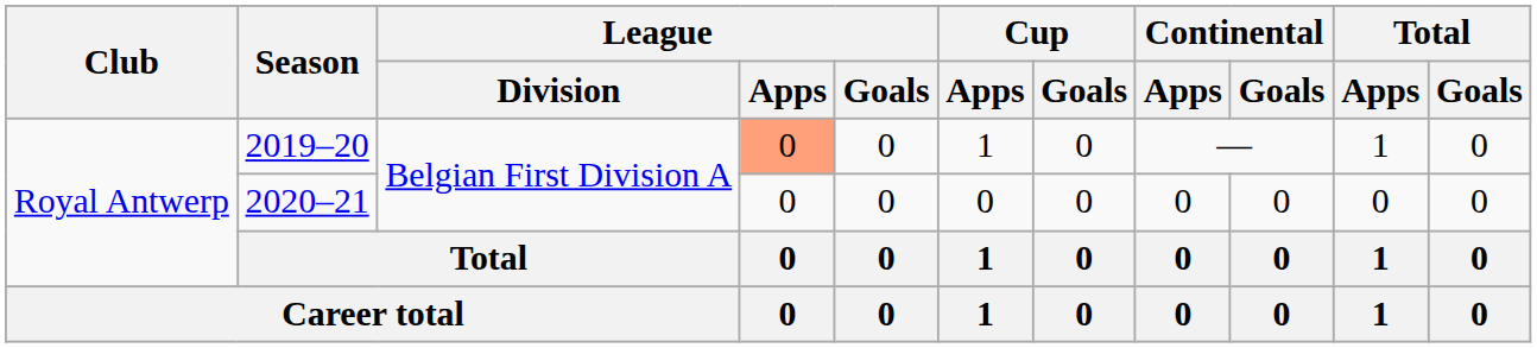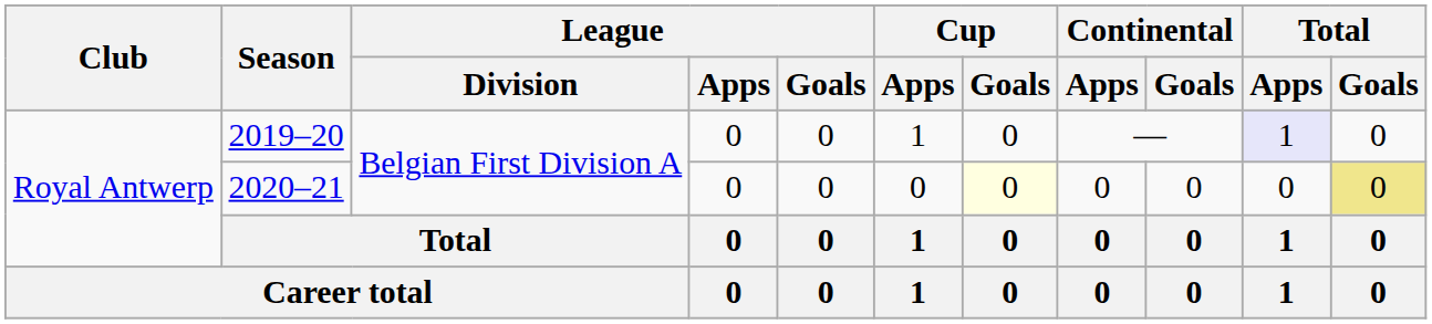 <table class="wikitable" Style="text-align: center">
 <tr>
 <th rowspan="2">Club</th>
 <th rowspan="2">Season</th>
 <th colspan="3">League</th>
 <th colspan="2">Cup</th>
 <th colspan="2">Continental</th>
 <th colspan="2">Total</th>
 </tr>
 <tr>
 <th>Division</th>
 <th>Apps</th>
 <th>Goals</th>
 <th>Apps</th>
 <th>Goals</th>
 <th>Apps</th>
 <th>Goals</th>
 <th>Apps</th>
 <th>Goals</th>
 </tr>
 <tr>
 <td rowspan="3"><a href='#'>Royal Antwerp</a></td>
 <td><a href='#'>2019–20</a></td>
 <td rowspan="2"><a href='#'>Belgian First Division A</a></td>
-<td style="background: lightsalmon;">0</td>
+<td>0</td>
 <td>0</td>
 <td>1</td>
 <td>0</td>
 <td colspan="2">—</td>
-<td>1</td>
+<td style="background: lavender;">1</td>
 <td>0</td>
 </tr>
 <tr>
 <td><a href='#'>2020–21</a></td>
 <td>0</td>
 <td>0</td>
 <td>0</td>
+<td style="background: lightyellow;">0</td>
 <td>0</td>
 <td>0</td>
 <td>0</td>
-<td>0</td>
-<td>0</td>
+<td style="background: khaki;">0</td>
 </tr>
 <tr>
 <th colspan="2">Total</th>
 <th>0</th>
 <th>0</th>
 <th>1</th>
 <th>0</th>
 <th>0</th>
 <th>0</th>
 <th>1</th>
 <th>0</th>
 </tr>
 <tr>
 <th colspan="3">Career total</th>
 <th>0</th>
 <th>0</th>
 <th>1</th>
 <th>0</th>
 <th>0</th>
 <th>0</th>
 <th>1</th>
 <th>0</th>
 </tr>
 </table>
